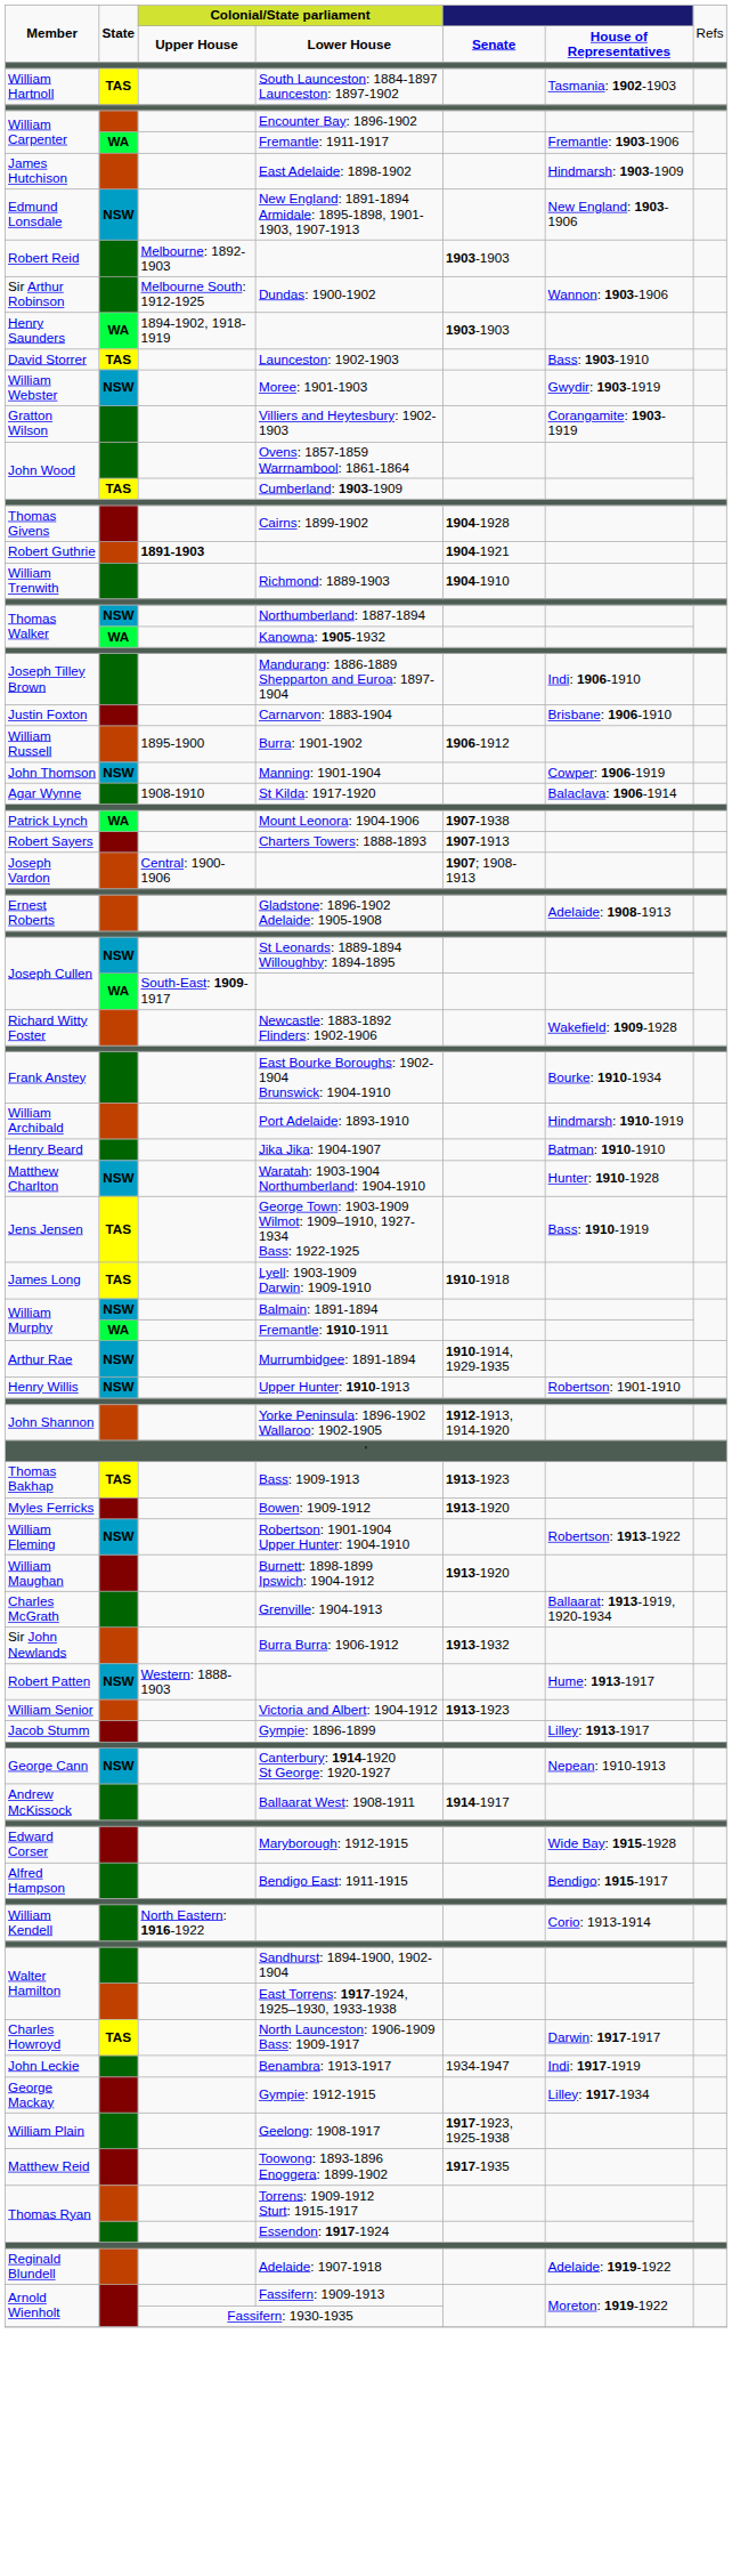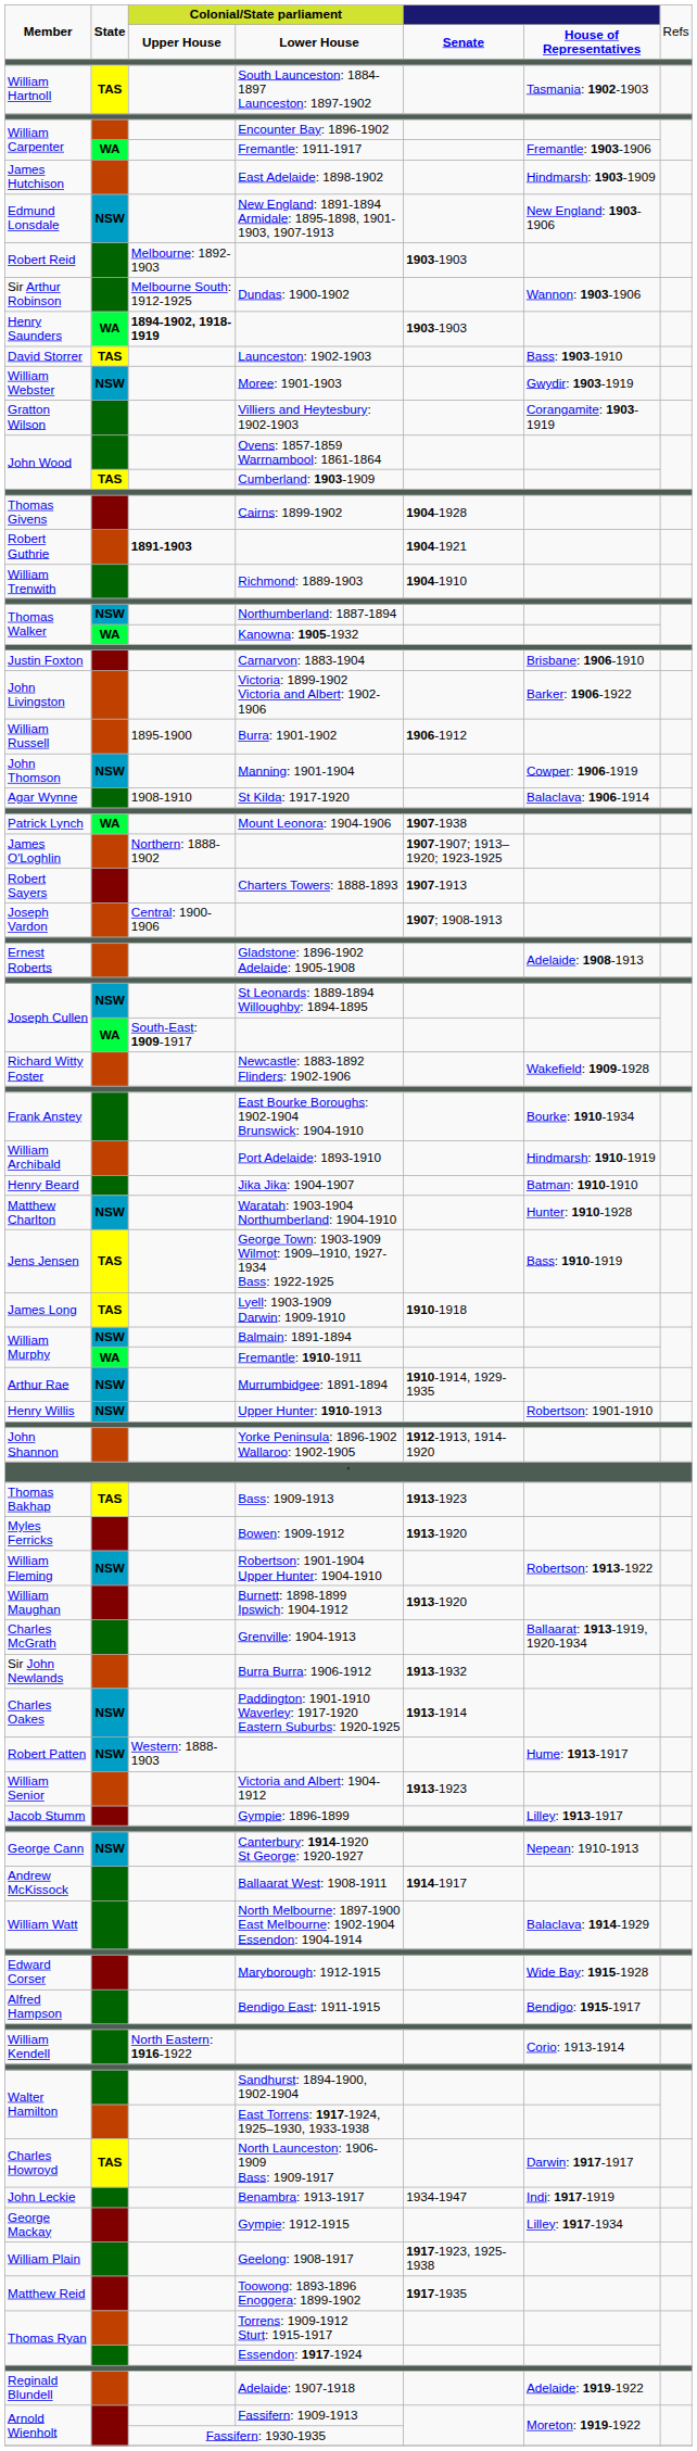 <table Class="wikitable">
 <tr>
 <td rowspan="2" align=center><strong>Member</strong></td>
 <td rowspan="2" align=center><strong>State</strong></td>
 <td style="background:#D1E231" align=center colspan="2"><strong>Colonial/State parliament</strong></td>
 <td style="background:#191970" align=center colspan="2"></td>
 <td rowspan="2">Refs</td>
 </tr>
 <tr>
 <td align=center><strong>Upper House</strong></td>
 <td align=center><strong>Lower House</strong></td>
 <td align=center><a href='#'><strong>Senate</strong></a></td>
 <td align=center><a href='#'><strong>House of Representatives</strong></a></td>
 </tr>
 <tr>
 <td style="background:#4D5D53" align=center colspan="7"></td>
 </tr>
 <tr>
 <td><a href='#'>William Hartnoll</a></td>
 <td align=center style="background:yellow"><strong>TAS</strong></td>
 <td></td>
 <td><a href='#'>South Launceston</a>: 1884-1897<br><a href='#'>Launceston</a>: 1897-1902</td>
 <td></td>
 <td><a href='#'>Tasmania</a>: <strong>1902</strong>-1903</td>
 <td></td>
 </tr>
 <tr>
 <td style="background:#4D5D53" align=center colspan="7"></td>
 </tr>
 <tr>
 <td rowspan="2"><a href='#'>William Carpenter</a></td>
 <td align=center style="background:#C04000"></td>
 <td></td>
 <td><a href='#'>Encounter Bay</a>: 1896-1902</td>
 <td></td>
 <td></td>
 <td rowspan="2"></td>
 </tr>
 <tr>
 <td align=center style="background:#00FF40"><strong>WA</strong></td>
 <td></td>
 <td><a href='#'>Fremantle</a>: 1911-1917</td>
 <td></td>
 <td><a href='#'>Fremantle</a>: <strong>1903</strong>-1906</td>
 </tr>
 <tr>
 <td><a href='#'>James Hutchison</a></td>
 <td align=center style="background:#C04000"></td>
 <td></td>
 <td><a href='#'>East Adelaide</a>: 1898-1902</td>
 <td></td>
 <td><a href='#'>Hindmarsh</a>: <strong>1903</strong>-1909</td>
 <td></td>
 </tr>
 <tr>
 <td><a href='#'>Edmund Lonsdale</a></td>
 <td align=center style="background:#009DC4"><strong>NSW</strong></td>
 <td></td>
 <td><a href='#'>New England</a>: 1891-1894<br><a href='#'>Armidale</a>: 1895-1898, 1901-1903, 1907-1913</td>
 <td></td>
 <td><a href='#'>New England</a>: <strong>1903</strong>-1906</td>
 <td></td>
 </tr>
 <tr>
 <td><a href='#'>Robert Reid</a></td>
 <td align=center style="background:darkgreen"></td>
 <td><a href='#'>Melbourne</a>: 1892-1903</td>
 <td></td>
 <td><strong>1903</strong>-1903</td>
 <td></td>
 <td></td>
 </tr>
 <tr>
 <td>Sir <a href='#'>Arthur Robinson</a></td>
 <td align=center style="background:darkgreen"></td>
 <td><a href='#'>Melbourne South</a>: 1912-1925</td>
 <td><a href='#'>Dundas</a>: 1900-1902</td>
 <td></td>
 <td><a href='#'>Wannon</a>: <strong>1903</strong>-1906</td>
 <td></td>
 </tr>
 <tr>
 <td><a href='#'>Henry Saunders</a></td>
 <td align=center style="background:#00FF40"><strong>WA</strong></td>
-<td>1894-1902, 1918-1919</td>
+<td><strong>1894-1902, 1918-1919</strong></td>
 <td></td>
 <td><strong>1903</strong>-1903</td>
 <td></td>
 <td></td>
 </tr>
 <tr>
 <td><a href='#'>David Storrer</a></td>
 <td align=center style="background:yellow"><strong>TAS</strong></td>
 <td></td>
 <td><a href='#'>Launceston</a>: 1902-1903</td>
 <td></td>
 <td><a href='#'>Bass</a>: <strong>1903</strong>-1910</td>
 <td></td>
 </tr>
 <tr>
 <td><a href='#'>William Webster</a></td>
 <td align=center style="background:#009DC4"><strong>NSW</strong></td>
 <td></td>
 <td><a href='#'>Moree</a>: 1901-1903</td>
 <td></td>
 <td><a href='#'>Gwydir</a>: <strong>1903</strong>-1919</td>
 <td></td>
 </tr>
 <tr>
 <td><a href='#'>Gratton Wilson</a></td>
 <td align=center style="background:darkgreen"></td>
 <td></td>
 <td><a href='#'>Villiers and Heytesbury</a>: 1902-1903</td>
 <td></td>
 <td><a href='#'>Corangamite</a>: <strong>1903</strong>-1919</td>
 <td></td>
 </tr>
 <tr>
 <td rowspan="2"><a href='#'>John Wood</a></td>
 <td align=center style="background:darkgreen"></td>
 <td></td>
 <td><a href='#'>Ovens</a>: 1857-1859<br><a href='#'>Warrnambool</a>: 1861-1864</td>
 <td></td>
 <td></td>
 <td rowspan="2"></td>
 </tr>
 <tr>
 <td align=center style="background:yellow"><strong>TAS</strong></td>
 <td></td>
 <td><a href='#'>Cumberland</a>: <strong>1903</strong>-1909</td>
 <td></td>
 <td></td>
 </tr>
 <tr>
 <td style="background:#4D5D53" align=center colspan="7"></td>
 </tr>
 <tr>
 <td><a href='#'>Thomas Givens</a></td>
 <td align=center style="background:maroon"></td>
 <td></td>
 <td><a href='#'>Cairns</a>: 1899-1902</td>
 <td><strong>1904</strong>-1928</td>
 <td></td>
 <td></td>
 </tr>
 <tr>
 <td><a href='#'>Robert Guthrie</a></td>
 <td align=center style="background:#C04000"></td>
 <td><strong>1891-1903</strong></td>
 <td></td>
 <td><strong>1904</strong>-1921</td>
 <td></td>
 <td></td>
 </tr>
 <tr>
 <td><a href='#'>William Trenwith</a></td>
 <td align=center style="background:darkgreen"></td>
 <td></td>
 <td><a href='#'>Richmond</a>: 1889-1903</td>
 <td><strong>1904</strong>-1910</td>
 <td></td>
 <td></td>
 </tr>
 <tr>
 <td style="background:#4D5D53" align=center colspan="7"></td>
 </tr>
 <tr>
 <td rowspan="2"><a href='#'>Thomas Walker</a></td>
 <td align=center style="background:#009DC4"><strong>NSW</strong></td>
 <td></td>
 <td><a href='#'>Northumberland</a>: 1887-1894</td>
 <td></td>
 <td></td>
 <td rowspan="2"></td>
 </tr>
 <tr>
 <td align=center style="background:#00FF40"><strong>WA</strong></td>
 <td></td>
 <td><a href='#'>Kanowna</a>: <strong>1905</strong>-1932</td>
 <td></td>
 <td></td>
 </tr>
 <tr>
 <td style="background:#4D5D53" align=center colspan="7"></td>
 </tr>
 <tr>
-<td><a href='#'>Joseph Tilley Brown</a></td>
-<td align=center style="background:darkgreen"></td>
-<td></td>
-<td><a href='#'>Mandurang</a>: 1886-1889<br><a href='#'>Shepparton and Euroa</a>: 1897-1904</td>
-<td></td>
-<td><a href='#'>Indi</a>: <strong>1906</strong>-1910</td>
-<td></td>
-</tr>
-<tr>
 <td><a href='#'>Justin Foxton</a></td>
 <td align=center style="background:maroon"></td>
 <td></td>
 <td><a href='#'>Carnarvon</a>: 1883-1904</td>
 <td></td>
 <td><a href='#'>Brisbane</a>: <strong>1906</strong>-1910</td>
+<td></td>
+</tr>
+<tr>
+<td><a href='#'>John Livingston</a></td>
+<td align=center style="background:#C04000"></td>
+<td></td>
+<td><a href='#'>Victoria</a>: 1899-1902<br><a href='#'>Victoria and Albert</a>: 1902-1906</td>
+<td></td>
+<td><a href='#'>Barker</a>: <strong>1906</strong>-1922</td>
 <td></td>
 </tr>
 <tr>
 <td><a href='#'>William Russell</a></td>
 <td align=center style="background:#C04000"></td>
 <td>1895-1900</td>
 <td><a href='#'>Burra</a>: 1901-1902</td>
 <td><strong>1906</strong>-1912</td>
 <td></td>
 <td></td>
 </tr>
 <tr>
 <td><a href='#'>John Thomson</a></td>
 <td align=center style="background:#009DC4"><strong>NSW</strong></td>
 <td></td>
 <td><a href='#'>Manning</a>: 1901-1904</td>
 <td></td>
 <td><a href='#'>Cowper</a>: <strong>1906</strong>-1919</td>
 <td></td>
 </tr>
 <tr>
 <td><a href='#'>Agar Wynne</a></td>
 <td align=center style="background:darkgreen"></td>
 <td>1908-1910</td>
 <td><a href='#'>St Kilda</a>: 1917-1920</td>
 <td></td>
 <td><a href='#'>Balaclava</a>: <strong>1906</strong>-1914</td>
 <td></td>
 </tr>
 <tr>
 <td style="background:#4D5D53" align=center colspan="7"></td>
 </tr>
 <tr>
 <td><a href='#'>Patrick Lynch</a></td>
 <td align=center style="background:#00FF40"><strong>WA</strong></td>
 <td></td>
 <td><a href='#'>Mount Leonora</a>: 1904-1906</td>
 <td><strong>1907</strong>-1938</td>
+<td></td>
+<td></td>
+</tr>
+<tr>
+<td><a href='#'>James O'Loghlin</a></td>
+<td align=center style="background:#C04000"></td>
+<td><a href='#'>Northern</a>: 1888-1902</td>
+<td></td>
+<td><strong>1907</strong>-1907; 1913–1920; 1923-1925</td>
 <td></td>
 <td></td>
 </tr>
 <tr>
 <td><a href='#'>Robert Sayers</a></td>
 <td align=center style="background:maroon"></td>
 <td></td>
 <td><a href='#'>Charters Towers</a>: 1888-1893</td>
 <td><strong>1907</strong>-1913</td>
 <td></td>
 <td></td>
 </tr>
 <tr>
 <td><a href='#'>Joseph Vardon</a></td>
 <td align=center style="background:#C04000"></td>
 <td><a href='#'>Central</a>: 1900-1906</td>
 <td></td>
 <td><strong>1907</strong>; 1908-1913</td>
 <td></td>
 <td></td>
 </tr>
 <tr>
 <td style="background:#4D5D53" align=center colspan="7"></td>
 </tr>
 <tr>
 <td><a href='#'>Ernest Roberts</a></td>
 <td align=center style="background:#C04000"></td>
 <td></td>
 <td><a href='#'>Gladstone</a>: 1896-1902<br><a href='#'>Adelaide</a>: 1905-1908</td>
 <td></td>
 <td><a href='#'>Adelaide</a>: <strong>1908</strong>-1913</td>
 <td></td>
 </tr>
 <tr>
 <td style="background:#4D5D53" align=center colspan="7"></td>
 </tr>
 <tr>
 <td rowspan="2"><a href='#'>Joseph Cullen</a></td>
 <td align=center style="background:#009DC4"><strong>NSW</strong></td>
 <td></td>
 <td><a href='#'>St Leonards</a>: 1889-1894<br><a href='#'>Willoughby</a>: 1894-1895</td>
 <td></td>
 <td></td>
 <td rowspan="2"></td>
 </tr>
 <tr>
 <td align=center style="background:#00FF40"><strong>WA</strong></td>
 <td><a href='#'>South-East</a>: <strong>1909</strong>-1917</td>
 <td></td>
 <td></td>
 <td></td>
 </tr>
 <tr>
 <td><a href='#'>Richard Witty Foster</a></td>
 <td align=center style="background:#C04000"></td>
 <td></td>
 <td><a href='#'>Newcastle</a>: 1883-1892<br><a href='#'>Flinders</a>: 1902-1906</td>
 <td></td>
 <td><a href='#'>Wakefield</a>: <strong>1909</strong>-1928</td>
 <td></td>
 </tr>
 <tr>
 <td style="background:#4D5D53" align=center colspan="7"></td>
 </tr>
 <tr>
 <td><a href='#'>Frank Anstey</a></td>
 <td align=center style="background:darkgreen"></td>
 <td></td>
 <td><a href='#'>East Bourke Boroughs</a>: 1902-1904<br><a href='#'>Brunswick</a>: 1904-1910</td>
 <td></td>
 <td><a href='#'>Bourke</a>: <strong>1910</strong>-1934</td>
 <td></td>
 </tr>
 <tr>
 <td><a href='#'>William Archibald</a></td>
 <td align=center style="background:#C04000"></td>
 <td></td>
 <td><a href='#'>Port Adelaide</a>: 1893-1910</td>
 <td></td>
 <td><a href='#'>Hindmarsh</a>: <strong>1910</strong>-1919</td>
 <td></td>
 </tr>
 <tr>
 <td><a href='#'>Henry Beard</a></td>
 <td align=center style="background:darkgreen"></td>
 <td></td>
 <td><a href='#'>Jika Jika</a>: 1904-1907</td>
 <td></td>
 <td><a href='#'>Batman</a>: <strong>1910</strong>-1910</td>
 <td></td>
 </tr>
 <tr>
 <td><a href='#'>Matthew Charlton</a></td>
 <td align=center style="background:#009DC4"><strong>NSW</strong></td>
 <td></td>
 <td><a href='#'>Waratah</a>: 1903-1904<br><a href='#'>Northumberland</a>: 1904-1910</td>
 <td></td>
 <td><a href='#'>Hunter</a>: <strong>1910</strong>-1928</td>
 <td></td>
 </tr>
 <tr>
 <td><a href='#'>Jens Jensen</a></td>
 <td align=center style="background:yellow"><strong>TAS</strong></td>
 <td></td>
 <td><a href='#'>George Town</a>: 1903-1909<br><a href='#'>Wilmot</a>: 1909–1910, 1927-1934<br><a href='#'>Bass</a>: 1922-1925</td>
 <td></td>
 <td><a href='#'>Bass</a>: <strong>1910</strong>-1919</td>
 <td></td>
 </tr>
 <tr>
 <td><a href='#'>James Long</a></td>
 <td align=center style="background:yellow"><strong>TAS</strong></td>
 <td></td>
 <td><a href='#'>Lyell</a>: 1903-1909<br><a href='#'>Darwin</a>: 1909-1910</td>
 <td><strong>1910</strong>-1918</td>
 <td></td>
 <td></td>
 </tr>
 <tr>
 <td rowspan="2"><a href='#'>William Murphy</a></td>
 <td align=center style="background:#009DC4"><strong>NSW</strong></td>
 <td></td>
 <td><a href='#'>Balmain</a>: 1891-1894</td>
 <td></td>
 <td></td>
 <td rowspan="2"></td>
 </tr>
 <tr>
 <td align=center style="background:#00FF40"><strong>WA</strong></td>
 <td></td>
 <td><a href='#'>Fremantle</a>: <strong>1910</strong>-1911</td>
 <td></td>
 <td></td>
 </tr>
 <tr>
 <td><a href='#'>Arthur Rae</a></td>
 <td align=center style="background:#009DC4"><strong>NSW</strong></td>
 <td></td>
 <td><a href='#'>Murrumbidgee</a>: 1891-1894</td>
 <td><strong>1910</strong>-1914, 1929-1935</td>
 <td></td>
 <td></td>
 </tr>
 <tr>
 <td><a href='#'>Henry Willis</a></td>
 <td align=center style="background:#009DC4"><strong>NSW</strong></td>
 <td></td>
 <td><a href='#'>Upper Hunter</a>: <strong>1910</strong>-1913</td>
 <td></td>
 <td><a href='#'>Robertson</a>: 1901-1910</td>
 <td></td>
 </tr>
 <tr>
 <td style="background:#4D5D53" align=center colspan="7"></td>
 </tr>
 <tr>
 <td><a href='#'>John Shannon</a></td>
 <td align=center style="background:#C04000"></td>
 <td></td>
 <td><a href='#'>Yorke Peninsula</a>: 1896-1902<br><a href='#'>Wallaroo</a>: 1902-1905</td>
 <td><strong>1912</strong>-1913, 1914-1920</td>
 <td></td>
 <td></td>
 </tr>
 <tr>
 <td style="background:#4D5D53" align=center colspan="7">'</td>
 </tr>
 <tr>
 <td><a href='#'>Thomas Bakhap</a></td>
 <td align=center style="background:yellow"><strong>TAS</strong></td>
 <td></td>
 <td><a href='#'>Bass</a>: 1909-1913</td>
 <td><strong>1913</strong>-1923</td>
 <td></td>
 <td></td>
 </tr>
 <tr>
 <td><a href='#'>Myles Ferricks</a></td>
 <td align=center style="background:maroon"></td>
 <td></td>
 <td><a href='#'>Bowen</a>: 1909-1912</td>
 <td><strong>1913</strong>-1920</td>
 <td></td>
 <td></td>
 </tr>
 <tr>
 <td><a href='#'>William Fleming</a></td>
 <td align=center style="background:#009DC4"><strong>NSW</strong></td>
 <td></td>
 <td><a href='#'>Robertson</a>: 1901-1904<br><a href='#'>Upper Hunter</a>: 1904-1910</td>
 <td></td>
 <td><a href='#'>Robertson</a>: <strong>1913</strong>-1922</td>
 <td></td>
 </tr>
 <tr>
 <td><a href='#'>William Maughan</a></td>
 <td align=center style="background:maroon"></td>
 <td></td>
 <td><a href='#'>Burnett</a>: 1898-1899<br><a href='#'>Ipswich</a>: 1904-1912</td>
 <td><strong>1913</strong>-1920</td>
 <td></td>
 <td></td>
 </tr>
 <tr>
 <td><a href='#'>Charles McGrath</a></td>
 <td align=center style="background:darkgreen"></td>
 <td></td>
 <td><a href='#'>Grenville</a>: 1904-1913</td>
 <td></td>
 <td><a href='#'>Ballaarat</a>: <strong>1913</strong>-1919, 1920-1934</td>
 <td></td>
 </tr>
 <tr>
 <td>Sir <a href='#'>John Newlands</a></td>
 <td align=center style="background:#C04000"></td>
 <td></td>
 <td><a href='#'>Burra Burra</a>: 1906-1912</td>
 <td><strong>1913</strong>-1932</td>
 <td></td>
 <td></td>
 </tr>
 <tr>
+<td><a href='#'>Charles Oakes</a></td>
+<td align=center style="background:#009DC4"><strong>NSW</strong></td>
+<td></td>
+<td><a href='#'>Paddington</a>: 1901-1910<br><a href='#'>Waverley</a>: 1917-1920<br><a href='#'>Eastern Suburbs</a>: 1920-1925</td>
+<td><strong>1913</strong>-1914</td>
+<td></td>
+<td></td>
+</tr>
+<tr>
 <td><a href='#'>Robert Patten</a></td>
 <td align=center style="background:#009DC4"><strong>NSW</strong></td>
 <td><a href='#'>Western</a>: 1888-1903</td>
 <td></td>
 <td></td>
 <td><a href='#'>Hume</a>: <strong>1913</strong>-1917</td>
 <td></td>
 </tr>
 <tr>
 <td><a href='#'>William Senior</a></td>
 <td align=center style="background:#C04000"></td>
 <td></td>
 <td><a href='#'>Victoria and Albert</a>: 1904-1912</td>
 <td><strong>1913</strong>-1923</td>
 <td></td>
 <td></td>
 </tr>
 <tr>
 <td><a href='#'>Jacob Stumm</a></td>
 <td align=center style="background:maroon"></td>
 <td></td>
 <td><a href='#'>Gympie</a>: 1896-1899</td>
 <td></td>
 <td><a href='#'>Lilley</a>: <strong>1913</strong>-1917</td>
 <td></td>
 </tr>
 <tr>
 <td style="background:#4D5D53" align=center colspan="7"></td>
 </tr>
 <tr>
 <td><a href='#'>George Cann</a></td>
 <td align=center style="background:#009DC4"><strong>NSW</strong></td>
 <td></td>
 <td><a href='#'>Canterbury</a>: <strong>1914</strong>-1920<br><a href='#'>St George</a>: 1920-1927</td>
 <td></td>
 <td><a href='#'>Nepean</a>: 1910-1913</td>
 <td></td>
 </tr>
 <tr>
 <td><a href='#'>Andrew McKissock</a></td>
 <td align=center style="background:darkgreen"></td>
 <td></td>
 <td><a href='#'>Ballaarat West</a>: 1908-1911</td>
 <td><strong>1914</strong>-1917</td>
 <td></td>
+<td></td>
+</tr>
+<tr>
+<td><a href='#'>William Watt</a></td>
+<td align=center style="background:darkgreen"></td>
+<td></td>
+<td><a href='#'>North Melbourne</a>: 1897-1900<br><a href='#'>East Melbourne</a>: 1902-1904<br><a href='#'>Essendon</a>: 1904-1914</td>
+<td></td>
+<td><a href='#'>Balaclava</a>: <strong>1914</strong>-1929</td>
 <td></td>
 </tr>
 <tr>
 <td style="background:#4D5D53" align=center colspan="7"></td>
 </tr>
 <tr>
 <td><a href='#'>Edward Corser</a></td>
 <td align=center style="background:maroon"></td>
 <td></td>
 <td><a href='#'>Maryborough</a>: 1912-1915</td>
 <td></td>
 <td><a href='#'>Wide Bay</a>: <strong>1915</strong>-1928</td>
 <td></td>
 </tr>
 <tr>
 <td><a href='#'>Alfred Hampson</a></td>
 <td align=center style="background:darkgreen"></td>
 <td></td>
 <td><a href='#'>Bendigo East</a>: 1911-1915</td>
 <td></td>
 <td><a href='#'>Bendigo</a>: <strong>1915</strong>-1917</td>
 <td></td>
 </tr>
 <tr>
 <td style="background:#4D5D53" align=center colspan="7"></td>
 </tr>
 <tr>
 <td><a href='#'>William Kendell</a></td>
 <td align=center style="background:darkgreen"></td>
 <td><a href='#'>North Eastern</a>: <strong>1916</strong>-1922</td>
 <td></td>
 <td></td>
 <td><a href='#'>Corio</a>: 1913-1914</td>
 <td></td>
 </tr>
 <tr>
 <td style="background:#4D5D53" align=center colspan="7"></td>
 </tr>
 <tr>
 <td rowspan="2"><a href='#'>Walter Hamilton</a></td>
 <td align=center style="background:darkgreen"></td>
 <td></td>
 <td><a href='#'>Sandhurst</a>: 1894-1900, 1902-1904</td>
 <td></td>
 <td></td>
 <td rowspan="2"></td>
 </tr>
 <tr>
 <td align=center style="background:#C04000"></td>
 <td></td>
 <td><a href='#'>East Torrens</a>: <strong>1917</strong>-1924, 1925–1930, 1933-1938</td>
 <td></td>
 <td></td>
 </tr>
 <tr>
 <td><a href='#'>Charles Howroyd</a></td>
 <td align=center style="background:yellow"><strong>TAS</strong></td>
 <td></td>
 <td><a href='#'>North Launceston</a>: 1906-1909<br><a href='#'>Bass</a>: 1909-1917</td>
 <td></td>
 <td><a href='#'>Darwin</a>: <strong>1917</strong>-1917 </td>
 <td></td>
 </tr>
 <tr>
 <td><a href='#'>John Leckie</a></td>
 <td align=center style="background:darkgreen"></td>
 <td></td>
 <td><a href='#'>Benambra</a>: 1913-1917</td>
 <td>1934-1947</td>
 <td><a href='#'>Indi</a>: <strong>1917</strong>-1919</td>
 <td></td>
 </tr>
 <tr>
 <td><a href='#'>George Mackay</a></td>
 <td align=center style="background:maroon"></td>
 <td></td>
 <td><a href='#'>Gympie</a>: 1912-1915</td>
 <td></td>
 <td><a href='#'>Lilley</a>: <strong>1917</strong>-1934</td>
 <td></td>
 </tr>
 <tr>
 <td><a href='#'>William Plain</a></td>
 <td align=center style="background:darkgreen"></td>
 <td></td>
 <td><a href='#'>Geelong</a>: 1908-1917</td>
 <td><strong>1917</strong>-1923, 1925-1938</td>
 <td></td>
 <td></td>
 </tr>
 <tr>
 <td><a href='#'>Matthew Reid</a></td>
 <td align=center style="background:maroon"></td>
 <td></td>
 <td><a href='#'>Toowong</a>: 1893-1896<br><a href='#'>Enoggera</a>: 1899-1902</td>
 <td><strong>1917</strong>-1935</td>
 <td></td>
 <td></td>
 </tr>
 <tr>
 <td rowspan="2"><a href='#'>Thomas Ryan</a></td>
 <td align=center style="background:#C04000"></td>
 <td></td>
 <td><a href='#'>Torrens</a>: 1909-1912<br><a href='#'>Sturt</a>: 1915-1917</td>
 <td></td>
 <td></td>
 <td rowspan="2"></td>
 </tr>
 <tr>
 <td align=center style="background:darkgreen"></td>
 <td></td>
 <td><a href='#'>Essendon</a>: <strong>1917</strong>-1924</td>
 <td></td>
 <td></td>
 </tr>
 <tr>
 <td style="background:#4D5D53" align=center colspan="7"></td>
 </tr>
 <tr>
 <td><a href='#'>Reginald Blundell</a></td>
 <td align=center style="background:#C04000"></td>
 <td></td>
 <td><a href='#'>Adelaide</a>: 1907-1918</td>
 <td></td>
 <td><a href='#'>Adelaide</a>: <strong>1919</strong>-1922</td>
 <td></td>
 </tr>
 <tr>
 <td rowspan="2"><a href='#'>Arnold Wienholt</a></td>
 <td rowspan="2" align=center style="background:maroon"></td>
 <td></td>
 <td><a href='#'>Fassifern</a>: 1909-1913</td>
 <td rowspan="2"></td>
 <td rowspan="2"><a href='#'>Moreton</a>: <strong>1919</strong>-1922</td>
 <td rowspan="2"></td>
 </tr>
 <tr>
 <td colspan="2" align=center><a href='#'>Fassifern</a>: 1930-1935</td>
 </tr>
 <tr>
 </tr>
 </table>
